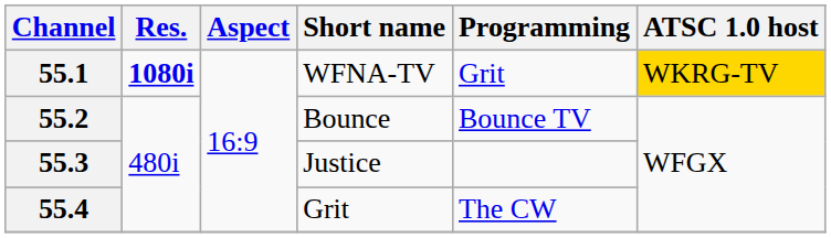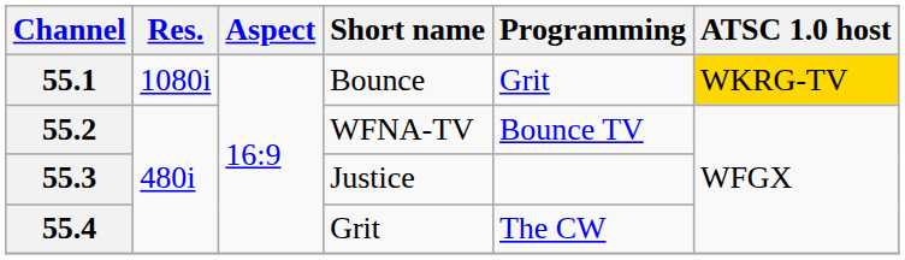 <table class="wikitable">
 <tr>
 <th scope = "col"><a href='#'>Channel</a></th>
 <th scope = "col"><a href='#'>Res.</a></th>
 <th scope = "col"><a href='#'>Aspect</a></th>
 <th scope = "col">Short name</th>
 <th scope = "col">Programming</th>
 <th scope = "col">ATSC 1.0 host</th>
 </tr>
 <tr>
 <th scope = "row">55.1</th>
-<td><strong><a href='#'>1080i</a></strong></td>
+<td><a href='#'>1080i</a></td>
 <td rowspan=4><a href='#'>16:9</a></td>
-<td>WFNA-TV</td>
+<td>Bounce</td>
 <td><a href='#'>Grit</a></td>
 <td style="background: gold;">WKRG-TV</td>
 </tr>
 <tr>
 <th scope = "row">55.2</th>
 <td rowspan=3><a href='#'>480i</a></td>
-<td>Bounce</td>
+<td>WFNA-TV</td>
 <td><a href='#'>Bounce TV</a></td>
 <td rowspan=3>WFGX</td>
 </tr>
 <tr>
 <th scope = "row">55.3</th>
 <td>Justice</td>
 <td></td>
 </tr>
 <tr>
 <th scope = "row">55.4</th>
 <td>Grit</td>
 <td><a href='#'>The CW</a></td>
 </tr>
 <tr>
 </tr>
 </table>
